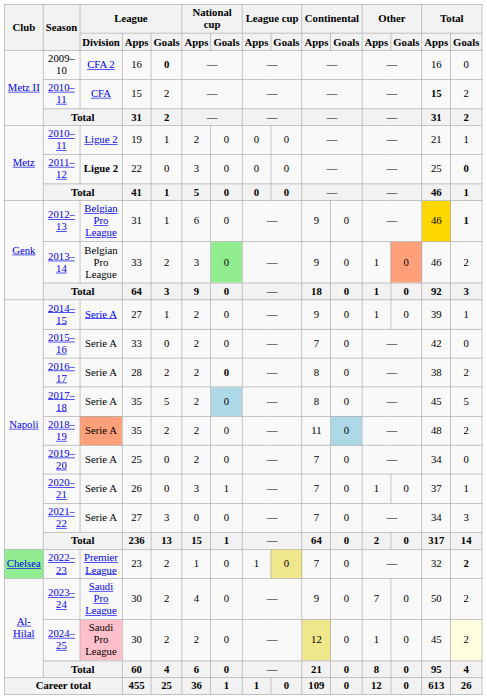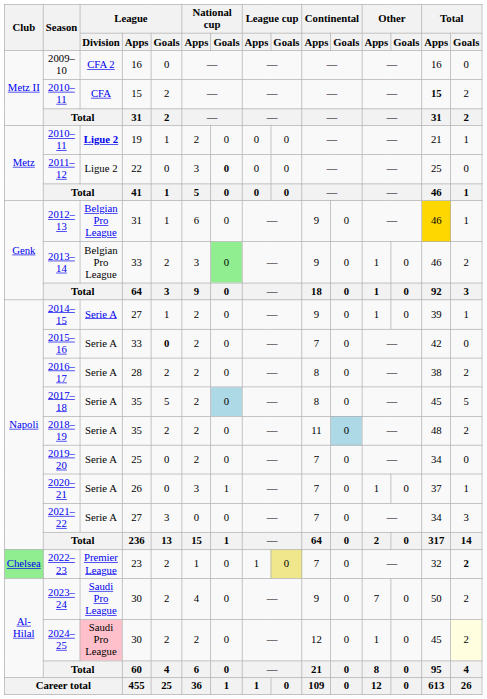 <table class="wikitable" style="text-align: center;">
 <tr>
 <th rowspan="2">Club</th>
 <th rowspan="2">Season</th>
 <th colspan="3">League</th>
 <th colspan="2">National cup</th>
 <th colspan="2">League cup</th>
 <th colspan="2">Continental</th>
 <th colspan="2">Other</th>
 <th colspan="2">Total</th>
 </tr>
 <tr>
 <th>Division</th>
 <th>Apps</th>
 <th>Goals</th>
 <th>Apps</th>
 <th>Goals</th>
 <th>Apps</th>
 <th>Goals</th>
 <th>Apps</th>
 <th>Goals</th>
 <th>Apps</th>
 <th>Goals</th>
 <th>Apps</th>
 <th>Goals</th>
 </tr>
 <tr>
 <td rowspan="3"><a href='#'>Metz II</a></td>
 <td>2009–10</td>
 <td><a href='#'>CFA 2</a></td>
 <td>16</td>
-<td><strong>0</strong></td>
+<td>0</td>
 <td colspan="2">—</td>
 <td colspan="2">—</td>
 <td colspan="2">—</td>
 <td colspan="2">—</td>
 <td>16</td>
 <td>0</td>
 </tr>
 <tr>
 <td><a href='#'>2010–11</a></td>
 <td><a href='#'>CFA</a></td>
 <td>15</td>
 <td>2</td>
 <td colspan="2">—</td>
 <td colspan="2">—</td>
 <td colspan="2">—</td>
 <td colspan="2">—</td>
 <td><strong>15</strong></td>
 <td>2</td>
 </tr>
 <tr>
 <th colspan="2">Total</th>
 <th>31</th>
 <th>2</th>
 <th colspan="2">—</th>
 <th colspan="2">—</th>
 <th colspan="2">—</th>
 <th colspan="2">—</th>
 <th>31</th>
 <th>2</th>
 </tr>
 <tr>
 <td rowspan="3"><a href='#'>Metz</a></td>
 <td><a href='#'>2010–11</a></td>
-<td><a href='#'>Ligue 2</a></td>
+<td><strong><a href='#'>Ligue 2</a></strong></td>
 <td>19</td>
 <td>1</td>
 <td>2</td>
 <td>0</td>
 <td>0</td>
 <td>0</td>
 <td colspan="2">—</td>
 <td colspan="2">—</td>
 <td>21</td>
 <td>1</td>
 </tr>
 <tr>
 <td><a href='#'>2011–12</a></td>
-<td><strong>Ligue 2</strong></td>
+<td>Ligue 2</td>
 <td>22</td>
 <td>0</td>
 <td>3</td>
-<td>0</td>
+<td><strong>0</strong></td>
 <td>0</td>
 <td>0</td>
 <td colspan="2">—</td>
 <td colspan="2">—</td>
 <td>25</td>
-<td><strong>0</strong></td>
+<td>0</td>
 </tr>
 <tr>
 <th colspan="2">Total</th>
 <th>41</th>
 <th>1</th>
 <th>5</th>
 <th>0</th>
 <th>0</th>
 <th>0</th>
 <th colspan="2">—</th>
 <th colspan="2">—</th>
 <th>46</th>
 <th>1</th>
 </tr>
 <tr>
 <td rowspan="3"><a href='#'>Genk</a></td>
 <td><a href='#'>2012–13</a></td>
 <td><a href='#'>Belgian Pro League</a></td>
 <td>31</td>
 <td>1</td>
 <td>6</td>
 <td>0</td>
 <td colspan="2">—</td>
 <td>9</td>
 <td>0</td>
 <td colspan="2">—</td>
 <td style="background: gold;">46</td>
-<td><strong>1</strong></td>
+<td>1</td>
 </tr>
 <tr>
 <td><a href='#'>2013–14</a></td>
 <td>Belgian Pro League</td>
 <td>33</td>
 <td>2</td>
 <td>3</td>
 <td style="background: lightgreen;">0</td>
 <td colspan="2">—</td>
 <td>9</td>
 <td>0</td>
 <td>1</td>
-<td style="background: lightsalmon;">0</td>
+<td>0</td>
 <td>46</td>
 <td>2</td>
 </tr>
 <tr>
 <th colspan="2">Total</th>
 <th>64</th>
 <th>3</th>
 <th>9</th>
 <th>0</th>
 <th colspan="2">—</th>
 <th>18</th>
 <th>0</th>
 <th>1</th>
 <th>0</th>
 <th>92</th>
 <th>3</th>
 </tr>
 <tr>
 <td rowspan="9"><a href='#'>Napoli</a></td>
 <td><a href='#'>2014–15</a></td>
 <td><a href='#'>Serie A</a></td>
 <td>27</td>
 <td>1</td>
 <td>2</td>
 <td>0</td>
 <td colspan="2">—</td>
 <td>9</td>
 <td>0</td>
 <td>1</td>
 <td>0</td>
 <td>39</td>
 <td>1</td>
 </tr>
 <tr>
 <td><a href='#'>2015–16</a></td>
 <td>Serie A</td>
 <td>33</td>
-<td>0</td>
+<td><strong>0</strong></td>
 <td>2</td>
 <td>0</td>
 <td colspan="2">—</td>
 <td>7</td>
 <td>0</td>
 <td colspan="2">—</td>
 <td>42</td>
 <td>0</td>
 </tr>
 <tr>
 <td><a href='#'>2016–17</a></td>
 <td>Serie A</td>
 <td>28</td>
 <td>2</td>
 <td>2</td>
-<td><strong>0</strong></td>
+<td>0</td>
 <td colspan="2">—</td>
 <td>8</td>
 <td>0</td>
 <td colspan="2">—</td>
 <td>38</td>
 <td>2</td>
 </tr>
 <tr>
 <td><a href='#'>2017–18</a></td>
 <td>Serie A</td>
 <td>35</td>
 <td>5</td>
 <td>2</td>
 <td style="background: lightblue;">0</td>
 <td colspan="2">—</td>
 <td>8</td>
 <td>0</td>
 <td colspan="2">—</td>
 <td>45</td>
 <td>5</td>
 </tr>
 <tr>
 <td><a href='#'>2018–19</a></td>
-<td style="background: lightsalmon;">Serie A</td>
+<td>Serie A</td>
 <td>35</td>
 <td>2</td>
 <td>2</td>
 <td>0</td>
 <td colspan="2">—</td>
 <td>11</td>
 <td style="background: lightblue;">0</td>
 <td colspan="2">—</td>
 <td>48</td>
 <td>2</td>
 </tr>
 <tr>
 <td><a href='#'>2019–20</a></td>
 <td>Serie A</td>
 <td>25</td>
 <td>0</td>
 <td>2</td>
 <td>0</td>
 <td colspan="2">—</td>
 <td>7</td>
 <td>0</td>
 <td colspan="2">—</td>
 <td>34</td>
 <td>0</td>
 </tr>
 <tr>
 <td><a href='#'>2020–21</a></td>
 <td>Serie A</td>
 <td>26</td>
 <td>0</td>
 <td>3</td>
 <td>1</td>
 <td colspan="2">—</td>
 <td>7</td>
 <td>0</td>
 <td>1</td>
 <td>0</td>
 <td>37</td>
 <td>1</td>
 </tr>
 <tr>
 <td><a href='#'>2021–22</a></td>
 <td>Serie A</td>
 <td>27</td>
 <td>3</td>
 <td>0</td>
 <td>0</td>
 <td colspan="2">—</td>
 <td>7</td>
 <td>0</td>
 <td colspan="2">—</td>
 <td>34</td>
 <td>3</td>
 </tr>
 <tr>
 <th colspan="2">Total</th>
 <th>236</th>
 <th>13</th>
 <th>15</th>
 <th>1</th>
 <th colspan="2">—</th>
 <th>64</th>
 <th>0</th>
 <th>2</th>
 <th>0</th>
 <th>317</th>
 <th>14</th>
 </tr>
 <tr>
 <td style="background: lightgreen;"><a href='#'>Chelsea</a></td>
 <td><a href='#'>2022–23</a></td>
 <td><a href='#'>Premier League</a></td>
 <td>23</td>
 <td>2</td>
 <td>1</td>
 <td>0</td>
 <td>1</td>
 <td style="background: khaki;">0</td>
 <td>7</td>
 <td>0</td>
 <td colspan="2">—</td>
 <td>32</td>
 <td><strong>2</strong></td>
 </tr>
 <tr>
 <td rowspan="3"><a href='#'>Al-Hilal</a></td>
 <td><a href='#'>2023–24</a></td>
 <td><a href='#'>Saudi Pro League</a></td>
 <td>30</td>
 <td>2</td>
 <td>4</td>
 <td>0</td>
 <td colspan="2">—</td>
 <td>9</td>
 <td>0</td>
 <td>7</td>
 <td>0</td>
 <td>50</td>
 <td>2</td>
 </tr>
 <tr>
 <td><a href='#'>2024–25</a></td>
 <td style="background: pink;">Saudi Pro League</td>
 <td>30</td>
 <td>2</td>
 <td>2</td>
 <td>0</td>
 <td colspan="2">—</td>
-<td style="background: khaki;">12</td>
+<td>12</td>
 <td>0</td>
 <td>1</td>
 <td>0</td>
 <td>45</td>
 <td style="background: lightyellow;">2</td>
 </tr>
 <tr>
 <th colspan="2">Total</th>
 <th>60</th>
 <th>4</th>
 <th>6</th>
 <th>0</th>
 <th colspan="2">—</th>
 <th>21</th>
 <th>0</th>
 <th>8</th>
 <th>0</th>
 <th>95</th>
 <th>4</th>
 </tr>
 <tr>
 <th colspan="3">Career total</th>
 <th>455</th>
 <th>25</th>
 <th>36</th>
 <th>1</th>
 <th>1</th>
 <th>0</th>
 <th>109</th>
 <th>0</th>
 <th>12</th>
 <th>0</th>
 <th>613</th>
 <th>26</th>
 </tr>
 </table>
